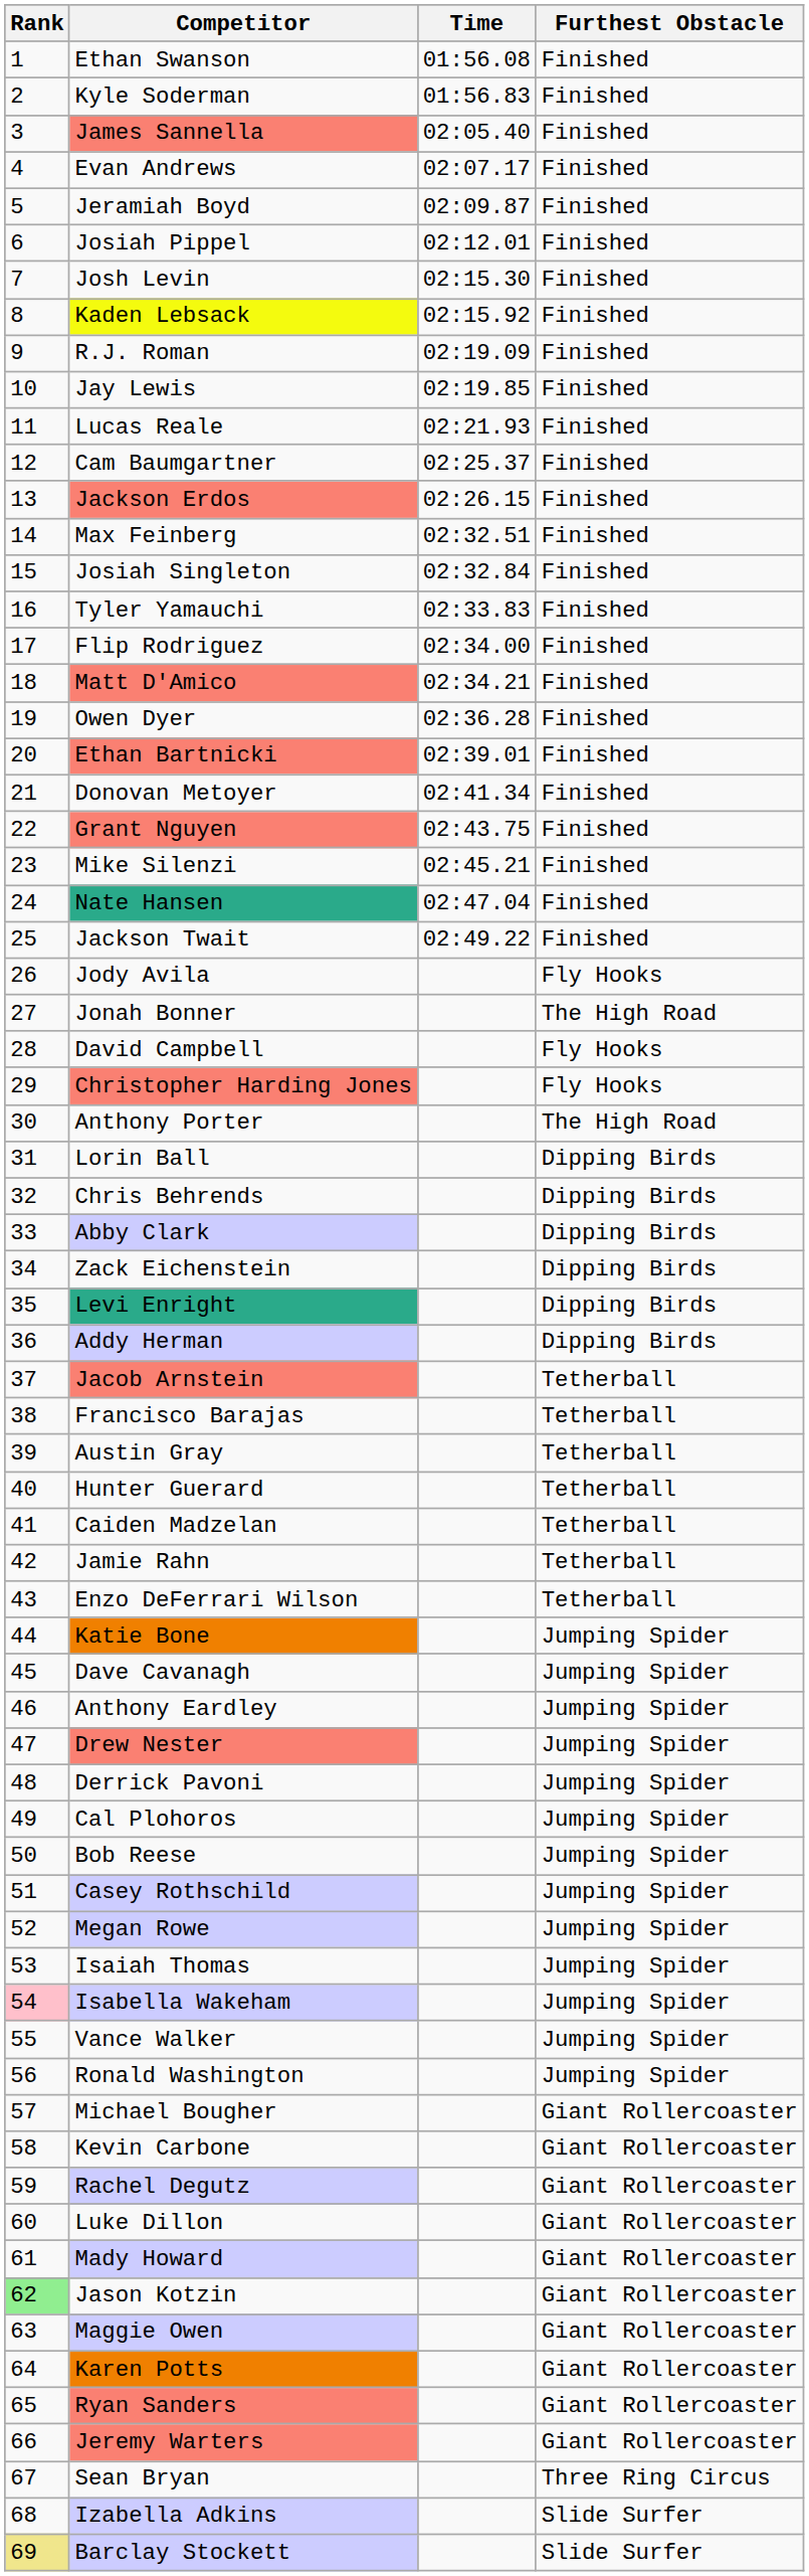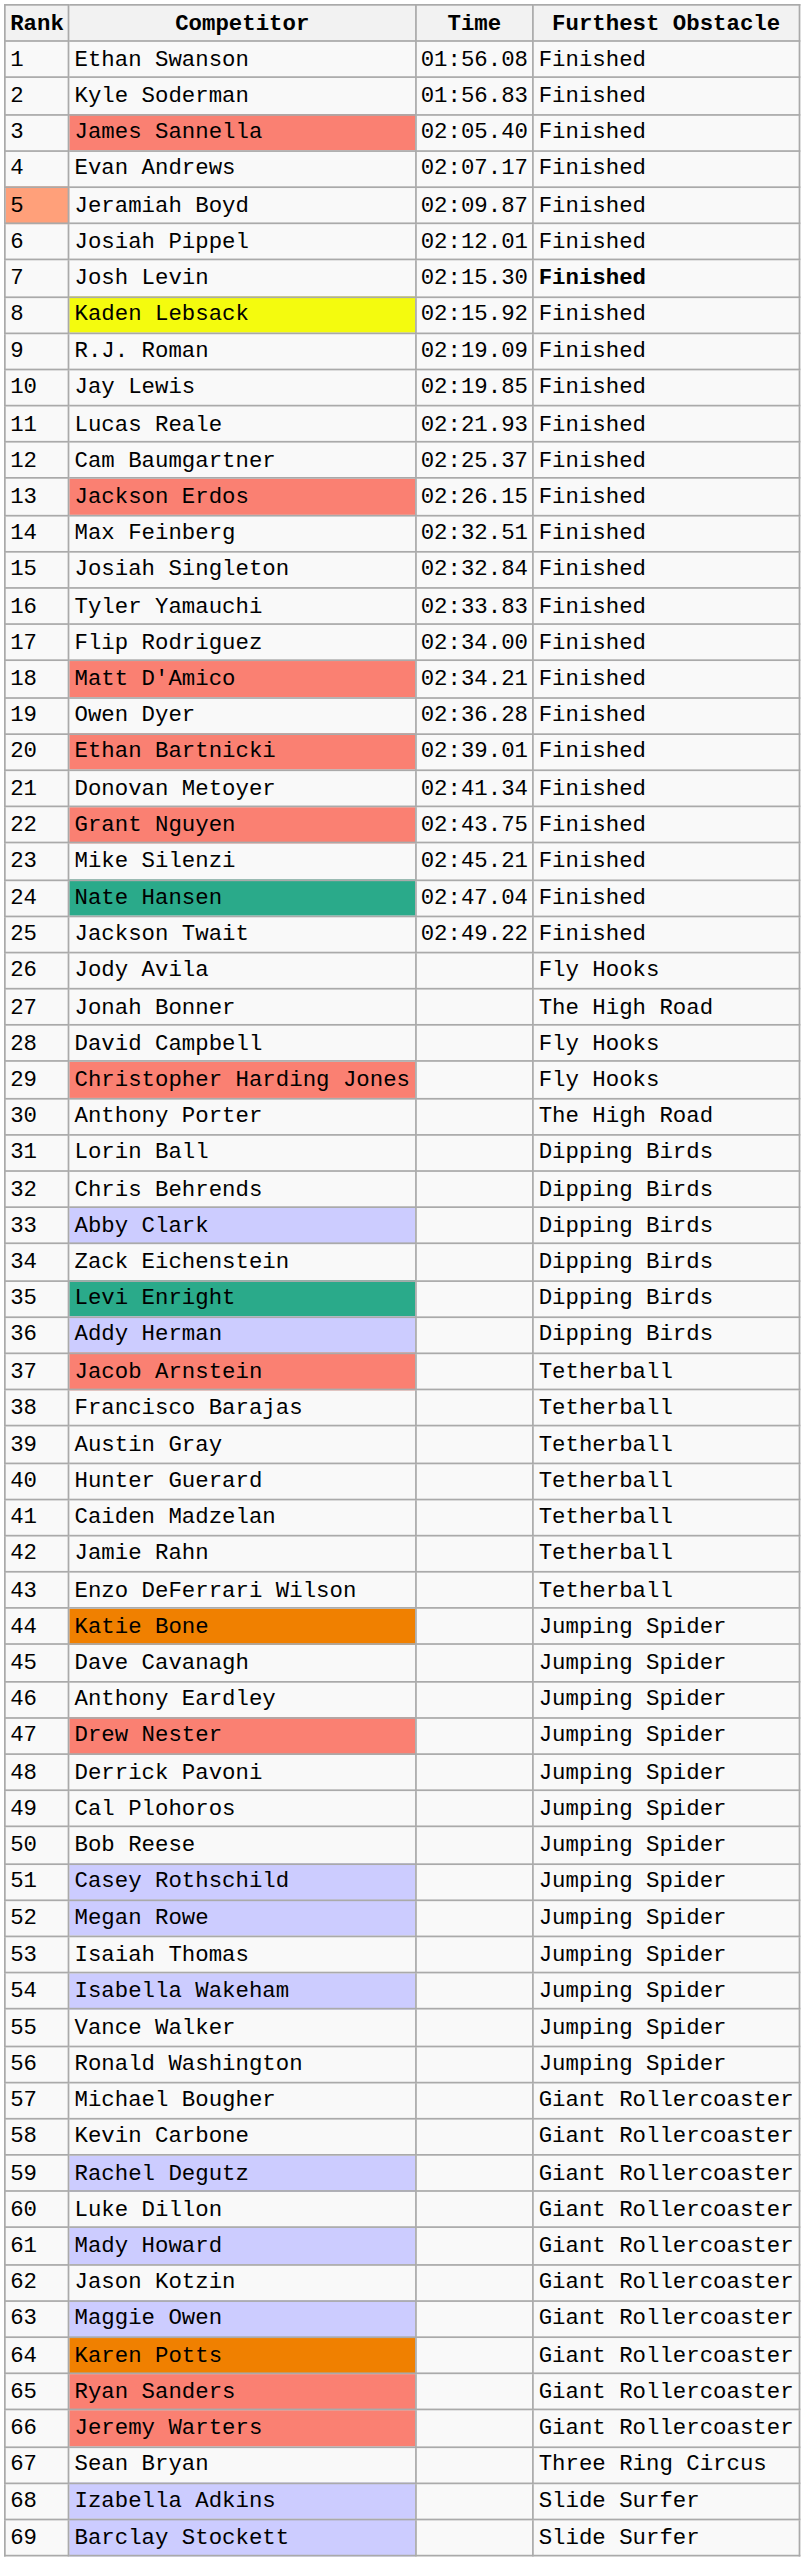 <table class="wikitable sortable collapsible">
 <tr>
 <th>Rank</th>
 <th>Competitor</th>
 <th>Time</th>
 <th>Furthest Obstacle</th>
 </tr>
 <tr>
 <td>1</td>
 <td>Ethan Swanson</td>
 <td>01:56.08</td>
 <td>Finished</td>
 </tr>
 <tr>
 <td>2</td>
 <td>Kyle Soderman</td>
 <td>01:56.83</td>
 <td>Finished</td>
 </tr>
 <tr>
 <td>3</td>
 <td style="background-color:#FA8072">James Sannella</td>
 <td>02:05.40</td>
 <td>Finished</td>
 </tr>
 <tr>
 <td>4</td>
 <td>Evan Andrews</td>
 <td>02:07.17</td>
 <td>Finished</td>
 </tr>
 <tr>
-<td>5</td>
+<td style="background: lightsalmon;">5</td>
 <td>Jeramiah Boyd</td>
 <td>02:09.87</td>
 <td>Finished</td>
 </tr>
 <tr>
 <td>6</td>
 <td>Josiah Pippel</td>
 <td>02:12.01</td>
 <td>Finished</td>
 </tr>
 <tr>
 <td>7</td>
 <td>Josh Levin</td>
 <td>02:15.30</td>
-<td>Finished</td>
+<td><strong>Finished</strong></td>
 </tr>
 <tr>
 <td>8</td>
 <td style="background-color:#F4FB0E">Kaden Lebsack</td>
 <td>02:15.92</td>
 <td>Finished</td>
 </tr>
 <tr>
 <td>9</td>
 <td>R.J. Roman</td>
 <td>02:19.09</td>
 <td>Finished</td>
 </tr>
 <tr>
 <td>10</td>
 <td>Jay Lewis</td>
 <td>02:19.85</td>
 <td>Finished</td>
 </tr>
 <tr>
 <td>11</td>
 <td>Lucas Reale</td>
 <td>02:21.93</td>
 <td>Finished</td>
 </tr>
 <tr>
 <td>12</td>
 <td>Cam Baumgartner</td>
 <td>02:25.37</td>
 <td>Finished</td>
 </tr>
 <tr>
 <td>13</td>
 <td style="background-color:#FA8072">Jackson Erdos</td>
 <td>02:26.15</td>
 <td>Finished</td>
 </tr>
 <tr>
 <td>14</td>
 <td>Max Feinberg</td>
 <td>02:32.51</td>
 <td>Finished</td>
 </tr>
 <tr>
 <td>15</td>
 <td>Josiah Singleton</td>
 <td>02:32.84</td>
 <td>Finished</td>
 </tr>
 <tr>
 <td>16</td>
 <td>Tyler Yamauchi</td>
 <td>02:33.83</td>
 <td>Finished</td>
 </tr>
 <tr>
 <td>17</td>
 <td>Flip Rodriguez</td>
 <td>02:34.00</td>
 <td>Finished</td>
 </tr>
 <tr>
 <td>18</td>
 <td style="background-color:#FA8072">Matt D'Amico</td>
 <td>02:34.21</td>
 <td>Finished</td>
 </tr>
 <tr>
 <td>19</td>
 <td>Owen Dyer</td>
 <td>02:36.28</td>
 <td>Finished</td>
 </tr>
 <tr>
 <td>20</td>
 <td style="background-color:#FA8072">Ethan Bartnicki</td>
 <td>02:39.01</td>
 <td>Finished</td>
 </tr>
 <tr>
 <td>21</td>
 <td>Donovan Metoyer</td>
 <td>02:41.34</td>
 <td>Finished</td>
 </tr>
 <tr>
 <td>22</td>
 <td style="background-color:#FA8072">Grant Nguyen</td>
 <td>02:43.75</td>
 <td>Finished</td>
 </tr>
 <tr>
 <td>23</td>
 <td>Mike Silenzi</td>
 <td>02:45.21</td>
 <td>Finished</td>
 </tr>
 <tr>
 <td>24</td>
 <td style="background-color:#2AAA8A">Nate Hansen</td>
 <td>02:47.04</td>
 <td>Finished</td>
 </tr>
 <tr>
 <td>25</td>
 <td>Jackson Twait</td>
 <td>02:49.22</td>
 <td>Finished</td>
 </tr>
 <tr>
 <td>26</td>
 <td>Jody Avila</td>
 <td></td>
 <td>Fly Hooks</td>
 </tr>
 <tr>
 <td>27</td>
 <td>Jonah Bonner</td>
 <td></td>
 <td>The High Road</td>
 </tr>
 <tr>
 <td>28</td>
 <td>David Campbell</td>
 <td></td>
 <td>Fly Hooks</td>
 </tr>
 <tr>
 <td>29</td>
 <td style="background-color:#FA8072">Christopher Harding Jones</td>
 <td></td>
 <td>Fly Hooks</td>
 </tr>
 <tr>
 <td>30</td>
 <td>Anthony Porter</td>
 <td></td>
 <td>The High Road</td>
 </tr>
 <tr>
 <td>31</td>
 <td>Lorin Ball</td>
 <td></td>
 <td>Dipping Birds</td>
 </tr>
 <tr>
 <td>32</td>
 <td>Chris Behrends</td>
 <td></td>
 <td>Dipping Birds</td>
 </tr>
 <tr>
 <td>33</td>
 <td style="background-color:#CCCCFF">Abby Clark</td>
 <td></td>
 <td>Dipping Birds</td>
 </tr>
 <tr>
 <td>34</td>
 <td>Zack Eichenstein</td>
 <td></td>
 <td>Dipping Birds</td>
 </tr>
 <tr>
 <td>35</td>
 <td style="background-color:#2AAA8A">Levi Enright</td>
 <td></td>
 <td>Dipping Birds</td>
 </tr>
 <tr>
 <td>36</td>
 <td style="background-color:#CCCCFF">Addy Herman</td>
 <td></td>
 <td>Dipping Birds</td>
 </tr>
 <tr>
 <td>37</td>
 <td style="background-color:#FA8072">Jacob Arnstein</td>
 <td></td>
 <td>Tetherball</td>
 </tr>
 <tr>
 <td>38</td>
 <td>Francisco Barajas</td>
 <td></td>
 <td>Tetherball</td>
 </tr>
 <tr>
 <td>39</td>
 <td>Austin Gray</td>
 <td></td>
 <td>Tetherball</td>
 </tr>
 <tr>
 <td>40</td>
 <td>Hunter Guerard</td>
 <td></td>
 <td>Tetherball</td>
 </tr>
 <tr>
 <td>41</td>
 <td>Caiden Madzelan</td>
 <td></td>
 <td>Tetherball</td>
 </tr>
 <tr>
 <td>42</td>
 <td>Jamie Rahn</td>
 <td></td>
 <td>Tetherball</td>
 </tr>
 <tr>
 <td>43</td>
 <td>Enzo DeFerrari Wilson</td>
 <td></td>
 <td>Tetherball</td>
 </tr>
 <tr>
 <td>44</td>
 <td style="background-color:#F08000">Katie Bone</td>
 <td></td>
 <td>Jumping Spider</td>
 </tr>
 <tr>
 <td>45</td>
 <td>Dave Cavanagh</td>
 <td></td>
 <td>Jumping Spider</td>
 </tr>
 <tr>
 <td>46</td>
 <td>Anthony Eardley</td>
 <td></td>
 <td>Jumping Spider</td>
 </tr>
 <tr>
 <td>47</td>
 <td style="background-color:#FA8072">Drew Nester</td>
 <td></td>
 <td>Jumping Spider</td>
 </tr>
 <tr>
 <td>48</td>
 <td>Derrick Pavoni</td>
 <td></td>
 <td>Jumping Spider</td>
 </tr>
 <tr>
 <td>49</td>
 <td>Cal Plohoros</td>
 <td></td>
 <td>Jumping Spider</td>
 </tr>
 <tr>
 <td>50</td>
 <td>Bob Reese</td>
 <td></td>
 <td>Jumping Spider</td>
 </tr>
 <tr>
 <td>51</td>
 <td style="background-color:#CCCCFF">Casey Rothschild</td>
 <td></td>
 <td>Jumping Spider</td>
 </tr>
 <tr>
 <td>52</td>
 <td style="background-color:#CCCCFF">Megan Rowe</td>
 <td></td>
 <td>Jumping Spider</td>
 </tr>
 <tr>
 <td>53</td>
 <td>Isaiah Thomas</td>
 <td></td>
 <td>Jumping Spider</td>
 </tr>
 <tr>
-<td style="background: pink;">54</td>
+<td>54</td>
 <td style="background-color:#CCCCFF">Isabella Wakeham</td>
 <td></td>
 <td>Jumping Spider</td>
 </tr>
 <tr>
 <td>55</td>
 <td>Vance Walker</td>
 <td></td>
 <td>Jumping Spider</td>
 </tr>
 <tr>
 <td>56</td>
 <td>Ronald Washington</td>
 <td></td>
 <td>Jumping Spider</td>
 </tr>
 <tr>
 <td>57</td>
 <td>Michael Bougher</td>
 <td></td>
 <td>Giant Rollercoaster</td>
 </tr>
 <tr>
 <td>58</td>
 <td>Kevin Carbone</td>
 <td></td>
 <td>Giant Rollercoaster</td>
 </tr>
 <tr>
 <td>59</td>
 <td style="background-color:#CCCCFF">Rachel Degutz</td>
 <td></td>
 <td>Giant Rollercoaster</td>
 </tr>
 <tr>
 <td>60</td>
 <td>Luke Dillon</td>
 <td></td>
 <td>Giant Rollercoaster</td>
 </tr>
 <tr>
 <td>61</td>
 <td style="background-color:#CCCCFF">Mady Howard</td>
 <td></td>
 <td>Giant Rollercoaster</td>
 </tr>
 <tr>
-<td style="background: lightgreen;">62</td>
+<td>62</td>
 <td>Jason Kotzin</td>
 <td></td>
 <td>Giant Rollercoaster</td>
 </tr>
 <tr>
 <td>63</td>
 <td style="background-color:#CCCCFF">Maggie Owen</td>
 <td></td>
 <td>Giant Rollercoaster</td>
 </tr>
 <tr>
 <td>64</td>
 <td style="background-color:#F08000">Karen Potts</td>
 <td></td>
 <td>Giant Rollercoaster</td>
 </tr>
 <tr>
 <td>65</td>
 <td style="background-color:#FA8072">Ryan Sanders</td>
 <td></td>
 <td>Giant Rollercoaster</td>
 </tr>
 <tr>
 <td>66</td>
 <td style="background-color:#FA8072">Jeremy Warters</td>
 <td></td>
 <td>Giant Rollercoaster</td>
 </tr>
 <tr>
 <td>67</td>
 <td>Sean Bryan</td>
 <td></td>
 <td>Three Ring Circus</td>
 </tr>
 <tr>
 <td>68</td>
 <td style="background-color:#CCCCFF">Izabella Adkins</td>
 <td></td>
 <td>Slide Surfer</td>
 </tr>
 <tr>
-<td style="background: khaki;">69</td>
+<td>69</td>
 <td style="background-color:#CCCCFF">Barclay Stockett</td>
 <td></td>
 <td>Slide Surfer</td>
 </tr>
 </table>
